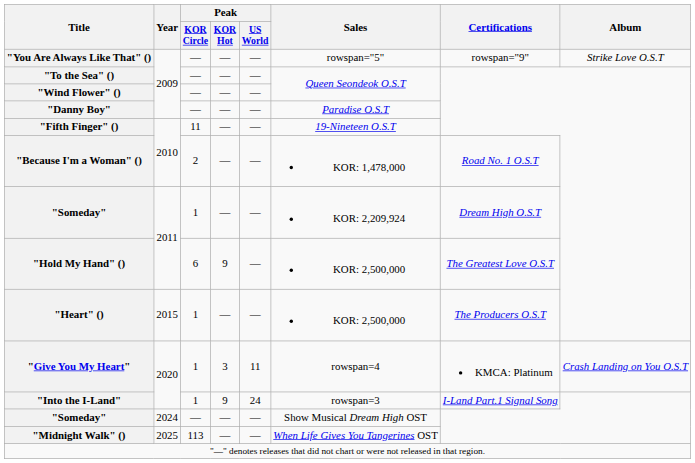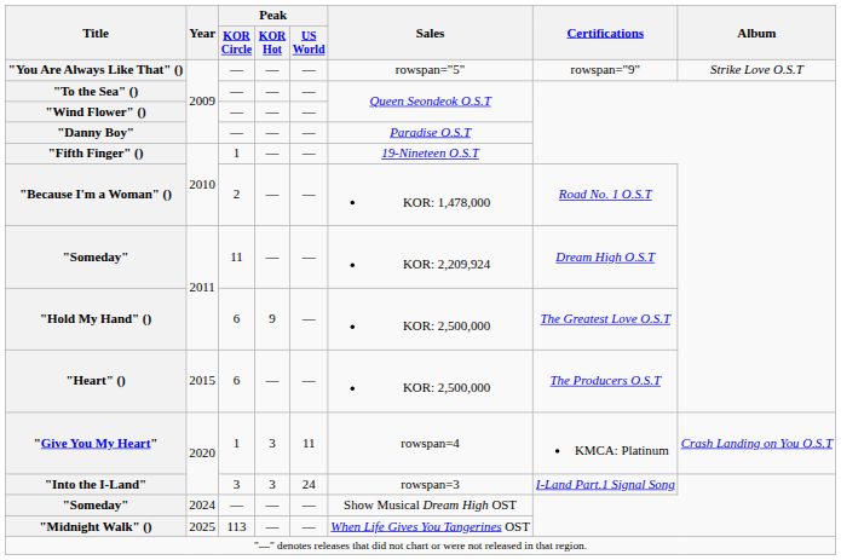 <table class="wikitable plainrowheaders" style="text-align:center;">
 <tr>
 <th scope="col" rowspan="2">Title</th>
 <th scope="col" rowspan="2">Year</th>
 <th scope="col" colspan="3">Peak</th>
 <th scope="col" rowspan="2">Sales<br></th>
 <th scope="col" rowspan="2"><a href='#'>Certifications</a><br></th>
 <th scope="col" rowspan="2">Album</th>
 </tr>
 <tr>
 <th scope="col" style="width:2.5em;font-size:90%;"><a href='#'>KOR<br>Circle</a><br></th>
 <th scope="col" style="width:2.5em;font-size:90%;"><a href='#'>KOR<br>Hot</a><br></th>
 <th scope="col" style="width:2.5em;font-size:90%;"><a href='#'>US<br>World</a><br></th>
 </tr>
 <tr>
 <th scope="row">"You Are Always Like That" ()</th>
 <td rowspan="4">2009</td>
 <td>—</td>
 <td>—</td>
 <td>—</td>
 <td>rowspan="5" </td>
 <td>rowspan="9" </td>
 <td><em>Strike Love O.S.T</em></td>
 </tr>
 <tr>
 <th scope="row">"To the Sea" ()</th>
 <td>—</td>
 <td>—</td>
 <td>—</td>
 <td rowspan="2"><em><a href='#'>Queen Seondeok O.S.T</a></em></td>
 </tr>
 <tr>
 <th scope="row">"Wind Flower" ()</th>
 <td>—</td>
 <td>—</td>
 <td>—</td>
 </tr>
 <tr>
 <th scope="row">"Danny Boy"</th>
 <td>—</td>
 <td>—</td>
 <td>—</td>
 <td><em><a href='#'>Paradise O.S.T</a></em></td>
 </tr>
 <tr>
 <th scope="row">"Fifth Finger" ()</th>
 <td rowspan="2">2010</td>
-<td>11</td>
+<td>1</td>
 <td>—</td>
 <td>—</td>
 <td><em><a href='#'>19-Nineteen O.S.T</a></em></td>
 </tr>
 <tr>
 <th scope="row">"Because I'm a Woman" ()</th>
 <td>2</td>
 <td>—</td>
 <td>—</td>
 <td><br><ul><li>KOR: 1,478,000</li></ul></td>
 <td><em><a href='#'>Road No. 1 O.S.T</a></em></td>
 </tr>
 <tr>
 <th scope="row">"Someday"</th>
 <td rowspan="2">2011</td>
-<td>1</td>
+<td>11</td>
 <td>—</td>
 <td>—</td>
 <td><br><ul><li>KOR: 2,209,924</li></ul></td>
 <td><em><a href='#'>Dream High O.S.T</a></em></td>
 </tr>
 <tr>
 <th scope="row">"Hold My Hand" ()</th>
 <td>6</td>
 <td>9</td>
 <td>—</td>
 <td><br><ul><li>KOR: 2,500,000</li></ul></td>
 <td><em><a href='#'>The Greatest Love O.S.T</a></em></td>
 </tr>
 <tr>
 <th scope="row">"Heart" ()</th>
 <td>2015</td>
-<td>1</td>
+<td>6</td>
 <td>—</td>
 <td>—</td>
 <td><br><ul><li>KOR: 2,500,000</li></ul></td>
 <td><em><a href='#'>The Producers O.S.T</a></em></td>
 </tr>
 <tr>
 <th scope="row">"<a href='#'>Give You My Heart</a>"</th>
 <td rowspan="2">2020</td>
 <td>1</td>
 <td>3</td>
 <td>11</td>
 <td>rowspan=4 </td>
 <td><br><ul><li>KMCA: Platinum </li></ul></td>
 <td><em><a href='#'>Crash Landing on You O.S.T</a></em></td>
 </tr>
 <tr>
 <th scope="row">"Into the I-Land"</th>
-<td>1</td>
-<td>9</td>
+<td>3</td>
+<td>3</td>
 <td>24</td>
 <td>rowspan=3 </td>
 <td><em><a href='#'>I-Land Part.1 Signal Song</a></em></td>
 </tr>
 <tr>
 <th scope="row">"Someday"<br></th>
 <td>2024</td>
 <td>—</td>
 <td>—</td>
 <td>—</td>
 <td>Show Musical <em>Dream High</em> OST</td>
 </tr>
 <tr>
 <th scope="row">"Midnight Walk" ()</th>
 <td>2025</td>
 <td>113</td>
 <td>—</td>
 <td>—</td>
 <td><em><a href='#'>When Life Gives You Tangerines</a></em> OST</td>
 </tr>
 <tr>
 <td colspan="11" style="font-size:85%;">"—" denotes releases that did not chart or were not released in that region.</td>
 </tr>
 </table>
